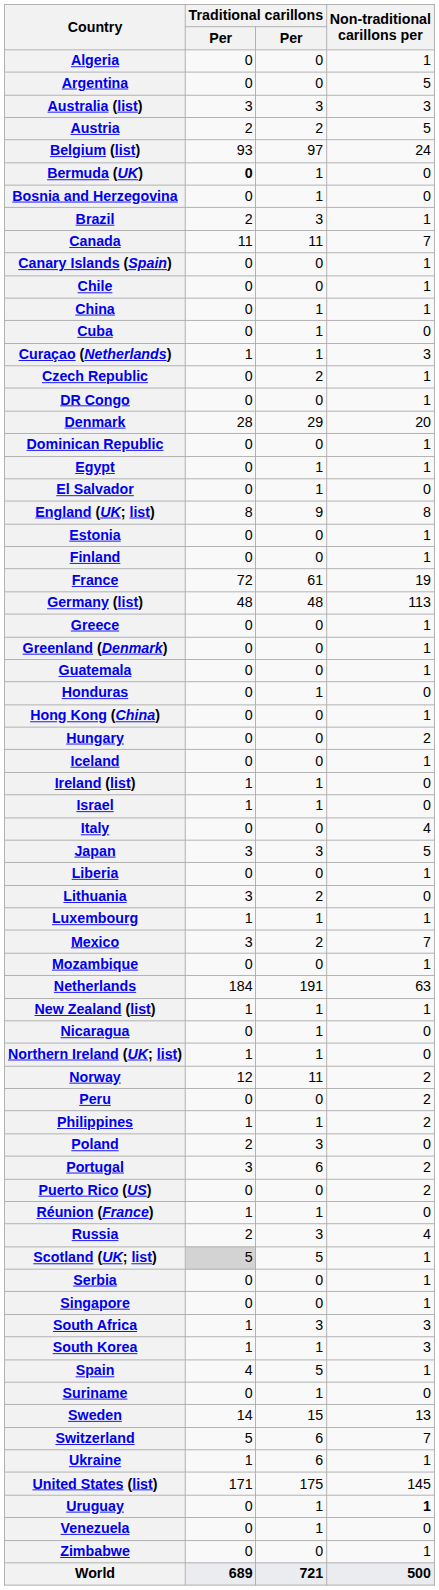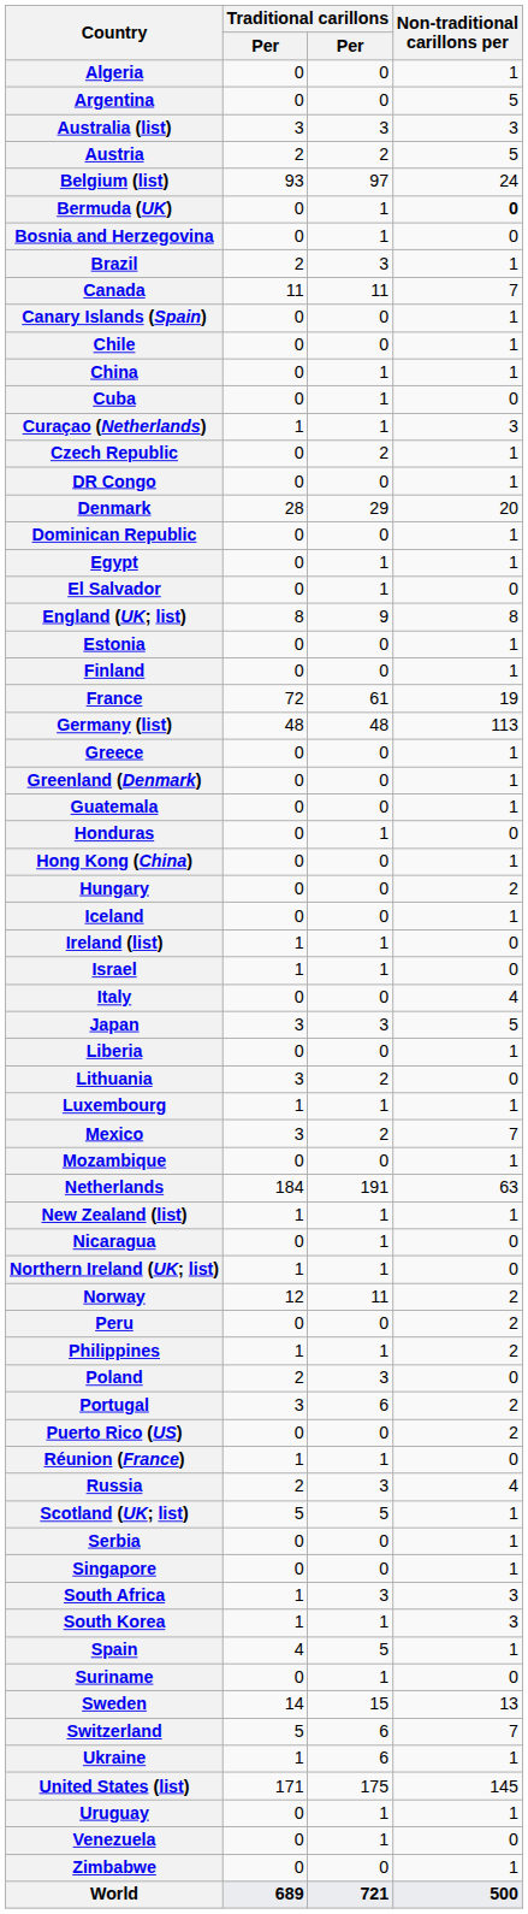 <table class="wikitable sortable plainrowheaders" style="text-align: right; margin-left: auto; margin-right: auto; border: none;">
 <tr>
 <th scope="col" rowspan=2>Country</th>
 <th scope="col" colspan=2>Traditional carillons</th>
 <th scope="col" rowspan=2>Non-traditional<br>carillons per </th>
 </tr>
 <tr>
 <th scope="col">Per </th>
 <th scope="col">Per </th>
 </tr>
 <tr>
 <th scope="row"><a href='#'>Algeria</a></th>
 <td>0</td>
 <td>0</td>
 <td>1</td>
 </tr>
 <tr>
 <th scope="row"><a href='#'>Argentina</a></th>
 <td>0</td>
 <td>0</td>
 <td>5</td>
 </tr>
 <tr>
 <th scope="row"><a href='#'>Australia</a> (<a href='#'>list</a>)</th>
 <td>3</td>
 <td>3</td>
 <td>3</td>
 </tr>
 <tr>
 <th scope="row"><a href='#'>Austria</a></th>
 <td>2</td>
 <td>2</td>
 <td>5</td>
 </tr>
 <tr>
 <th scope="row"><a href='#'>Belgium</a> (<a href='#'>list</a>)</th>
 <td>93</td>
 <td>97</td>
 <td>24</td>
 </tr>
 <tr>
 <th scope="row"><a href='#'>Bermuda</a> (<em><a href='#'>UK</a></em>)</th>
+<td>0</td>
+<td>1</td>
 <td><strong>0</strong></td>
-<td>1</td>
-<td>0</td>
 </tr>
 <tr>
 <th scope="row"><a href='#'>Bosnia and Herzegovina</a></th>
 <td>0</td>
 <td>1</td>
 <td>0</td>
 </tr>
 <tr>
 <th scope="row"><a href='#'>Brazil</a></th>
 <td>2</td>
 <td>3</td>
 <td>1</td>
 </tr>
 <tr>
 <th scope="row"><a href='#'>Canada</a></th>
 <td>11</td>
 <td>11</td>
 <td>7</td>
 </tr>
 <tr>
 <th scope="row"><a href='#'>Canary Islands</a> (<em><a href='#'>Spain</a></em>)</th>
 <td>0</td>
 <td>0</td>
 <td>1</td>
 </tr>
 <tr>
 <th scope="row"><a href='#'>Chile</a></th>
 <td>0</td>
 <td>0</td>
 <td>1</td>
 </tr>
 <tr>
 <th scope="row"><a href='#'>China</a></th>
 <td>0</td>
 <td>1</td>
 <td>1</td>
 </tr>
 <tr>
 <th scope="row"><a href='#'>Cuba</a></th>
 <td>0</td>
 <td>1</td>
 <td>0</td>
 </tr>
 <tr>
 <th scope="row"><a href='#'>Curaçao</a> (<em><a href='#'>Netherlands</a></em>)</th>
 <td>1</td>
 <td>1</td>
 <td>3</td>
 </tr>
 <tr>
 <th scope="row"><a href='#'>Czech Republic</a></th>
 <td>0</td>
 <td>2</td>
 <td>1</td>
 </tr>
 <tr>
 <th scope="row"><a href='#'>DR Congo</a></th>
 <td>0</td>
 <td>0</td>
 <td>1</td>
 </tr>
 <tr>
 <th scope="row"><a href='#'>Denmark</a></th>
 <td>28</td>
 <td>29</td>
 <td>20</td>
 </tr>
 <tr>
 <th scope="row"><a href='#'>Dominican Republic</a></th>
 <td>0</td>
 <td>0</td>
 <td>1</td>
 </tr>
 <tr>
 <th scope="row"><a href='#'>Egypt</a></th>
 <td>0</td>
 <td>1</td>
 <td>1</td>
 </tr>
 <tr>
 <th scope="row"><a href='#'>El Salvador</a></th>
 <td>0</td>
 <td>1</td>
 <td>0</td>
 </tr>
 <tr>
 <th scope="row"><a href='#'>England</a> (<em><a href='#'>UK</a></em>; <a href='#'>list</a>)</th>
 <td>8</td>
 <td>9</td>
 <td>8</td>
 </tr>
 <tr>
 <th scope="row"><a href='#'>Estonia</a></th>
 <td>0</td>
 <td>0</td>
 <td>1</td>
 </tr>
 <tr>
 <th scope="row"><a href='#'>Finland</a></th>
 <td>0</td>
 <td>0</td>
 <td>1</td>
 </tr>
 <tr>
 <th scope="row"><a href='#'>France</a></th>
 <td>72</td>
 <td>61</td>
 <td>19</td>
 </tr>
 <tr>
 <th scope="row"><a href='#'>Germany</a> (<a href='#'>list</a>)</th>
 <td>48</td>
 <td>48</td>
 <td>113</td>
 </tr>
 <tr>
 <th scope="row"><a href='#'>Greece</a></th>
 <td>0</td>
 <td>0</td>
 <td>1</td>
 </tr>
 <tr>
 <th scope="row"><a href='#'>Greenland</a> (<em><a href='#'>Denmark</a></em>)</th>
 <td>0</td>
 <td>0</td>
 <td>1</td>
 </tr>
 <tr>
 <th scope="row"><a href='#'>Guatemala</a></th>
 <td>0</td>
 <td>0</td>
 <td>1</td>
 </tr>
 <tr>
 <th scope="row"><a href='#'>Honduras</a></th>
 <td>0</td>
 <td>1</td>
 <td>0</td>
 </tr>
 <tr>
 <th scope="row"><a href='#'>Hong Kong</a> (<em><a href='#'>China</a></em>)</th>
 <td>0</td>
 <td>0</td>
 <td>1</td>
 </tr>
 <tr>
 <th scope="row"><a href='#'>Hungary</a></th>
 <td>0</td>
 <td>0</td>
 <td>2</td>
 </tr>
 <tr>
 <th scope="row"><a href='#'>Iceland</a></th>
 <td>0</td>
 <td>0</td>
 <td>1</td>
 </tr>
 <tr>
 <th scope="row"><a href='#'>Ireland</a> (<a href='#'>list</a>)</th>
 <td>1</td>
 <td>1</td>
 <td>0</td>
 </tr>
 <tr>
 <th scope="row"><a href='#'>Israel</a></th>
 <td>1</td>
 <td>1</td>
 <td>0</td>
 </tr>
 <tr>
 <th scope="row"><a href='#'>Italy</a></th>
 <td>0</td>
 <td>0</td>
 <td>4</td>
 </tr>
 <tr>
 <th scope="row"><a href='#'>Japan</a></th>
 <td>3</td>
 <td>3</td>
 <td>5</td>
 </tr>
 <tr>
 <th scope="row"><a href='#'>Liberia</a></th>
 <td>0</td>
 <td>0</td>
 <td>1</td>
 </tr>
 <tr>
 <th scope="row"><a href='#'>Lithuania</a></th>
 <td>3</td>
 <td>2</td>
 <td>0</td>
 </tr>
 <tr>
 <th scope="row"><a href='#'>Luxembourg</a></th>
 <td>1</td>
 <td>1</td>
 <td>1</td>
 </tr>
 <tr>
 <th scope="row"><a href='#'>Mexico</a></th>
 <td>3</td>
 <td>2</td>
 <td>7</td>
 </tr>
 <tr>
 <th scope="row"><a href='#'>Mozambique</a></th>
 <td>0</td>
 <td>0</td>
 <td>1</td>
 </tr>
 <tr>
 <th scope="row"><a href='#'>Netherlands</a></th>
 <td>184</td>
 <td>191</td>
 <td>63</td>
 </tr>
 <tr>
 <th scope="row"><a href='#'>New Zealand</a> (<a href='#'>list</a>)</th>
 <td>1</td>
 <td>1</td>
 <td>1</td>
 </tr>
 <tr>
 <th scope="row"><a href='#'>Nicaragua</a></th>
 <td>0</td>
 <td>1</td>
 <td>0</td>
 </tr>
 <tr>
 <th scope="row"><a href='#'>Northern Ireland</a> (<em><a href='#'>UK</a></em>; <a href='#'>list</a>)</th>
 <td>1</td>
 <td>1</td>
 <td>0</td>
 </tr>
 <tr>
 <th scope="row"><a href='#'>Norway</a></th>
 <td>12</td>
 <td>11</td>
 <td>2</td>
 </tr>
 <tr>
 <th scope="row"><a href='#'>Peru</a></th>
 <td>0</td>
 <td>0</td>
 <td>2</td>
 </tr>
 <tr>
 <th scope="row"><a href='#'>Philippines</a></th>
 <td>1</td>
 <td>1</td>
 <td>2</td>
 </tr>
 <tr>
 <th scope="row"><a href='#'>Poland</a></th>
 <td>2</td>
 <td>3</td>
 <td>0</td>
 </tr>
 <tr>
 <th scope="row"><a href='#'>Portugal</a></th>
 <td>3</td>
 <td>6</td>
 <td>2</td>
 </tr>
 <tr>
 <th scope="row"><a href='#'>Puerto Rico</a> (<em><a href='#'>US</a></em>)</th>
 <td>0</td>
 <td>0</td>
 <td>2</td>
 </tr>
 <tr>
 <th scope="row"><a href='#'>Réunion</a> (<em><a href='#'>France</a></em>)</th>
 <td>1</td>
 <td>1</td>
 <td>0</td>
 </tr>
 <tr>
 <th scope="row"><a href='#'>Russia</a></th>
 <td>2</td>
 <td>3</td>
 <td>4</td>
 </tr>
 <tr>
 <th scope="row"><a href='#'>Scotland</a> (<em><a href='#'>UK</a></em>; <a href='#'>list</a>)</th>
-<td style="background: lightgrey;">5</td>
+<td>5</td>
 <td>5</td>
 <td>1</td>
 </tr>
 <tr>
 <th scope="row"><a href='#'>Serbia</a></th>
 <td>0</td>
 <td>0</td>
 <td>1</td>
 </tr>
 <tr>
 <th scope="row"><a href='#'>Singapore</a></th>
 <td>0</td>
 <td>0</td>
 <td>1</td>
 </tr>
 <tr>
 <th scope="row"><a href='#'>South Africa</a></th>
 <td>1</td>
 <td>3</td>
 <td>3</td>
 </tr>
 <tr>
 <th scope="row"><a href='#'>South Korea</a></th>
 <td>1</td>
 <td>1</td>
 <td>3</td>
 </tr>
 <tr>
 <th scope="row"><a href='#'>Spain</a></th>
 <td>4</td>
 <td>5</td>
 <td>1</td>
 </tr>
 <tr>
 <th scope="row"><a href='#'>Suriname</a></th>
 <td>0</td>
 <td>1</td>
 <td>0</td>
 </tr>
 <tr>
 <th scope="row"><a href='#'>Sweden</a></th>
 <td>14</td>
 <td>15</td>
 <td>13</td>
 </tr>
 <tr>
 <th scope="row"><a href='#'>Switzerland</a></th>
 <td>5</td>
 <td>6</td>
 <td>7</td>
 </tr>
 <tr>
 <th scope="row"><a href='#'>Ukraine</a></th>
 <td>1</td>
 <td>6</td>
 <td>1</td>
 </tr>
 <tr>
 <th scope="row"><a href='#'>United States</a> (<a href='#'>list</a>)</th>
 <td>171</td>
 <td>175</td>
 <td>145</td>
 </tr>
 <tr>
 <th scope="row"><a href='#'>Uruguay</a></th>
 <td>0</td>
 <td>1</td>
-<td><strong>1</strong></td>
+<td>1</td>
 </tr>
 <tr>
 <th scope="row"><a href='#'>Venezuela</a></th>
 <td>0</td>
 <td>1</td>
 <td>0</td>
 </tr>
 <tr>
 <th scope="row"><a href='#'>Zimbabwe</a></th>
 <td>0</td>
 <td>0</td>
 <td>1</td>
 </tr>
 <tr style="background: #eaecf0;" class="sortbottom">
 <th scope="row"><strong>World</strong></th>
 <td><strong>689</strong></td>
 <td><strong>721</strong></td>
 <td><strong>500</strong></td>
 </tr>
 </table>
